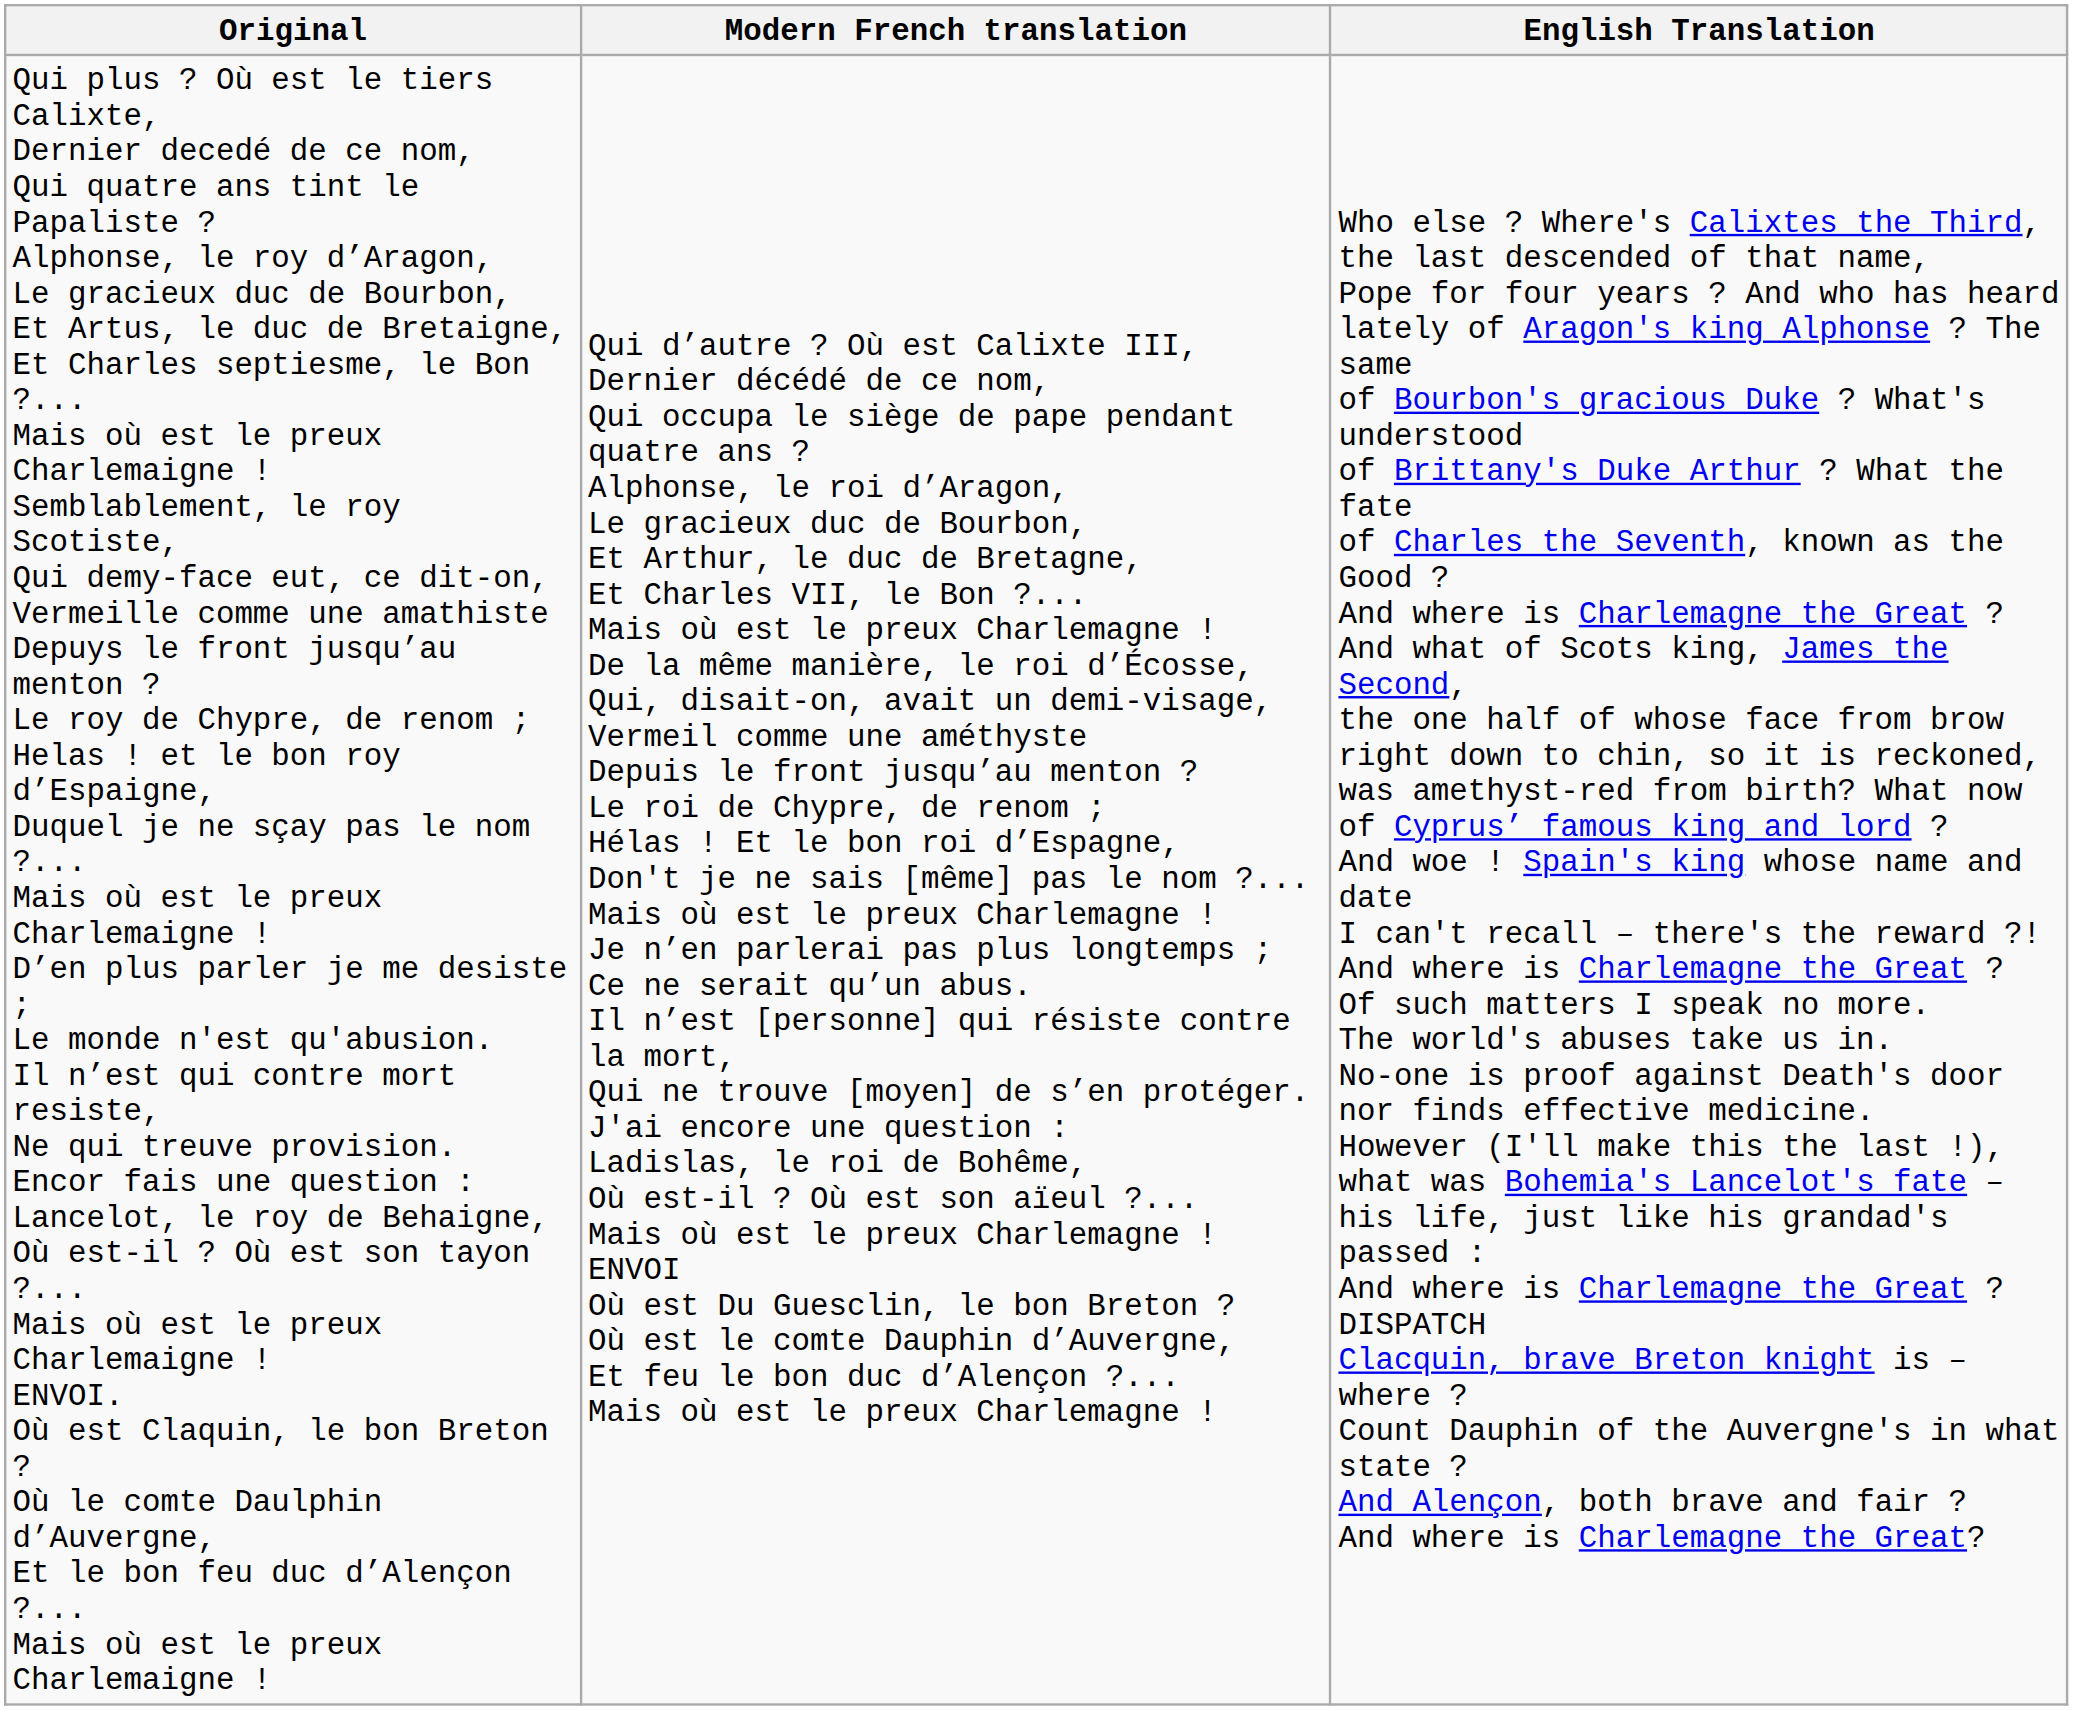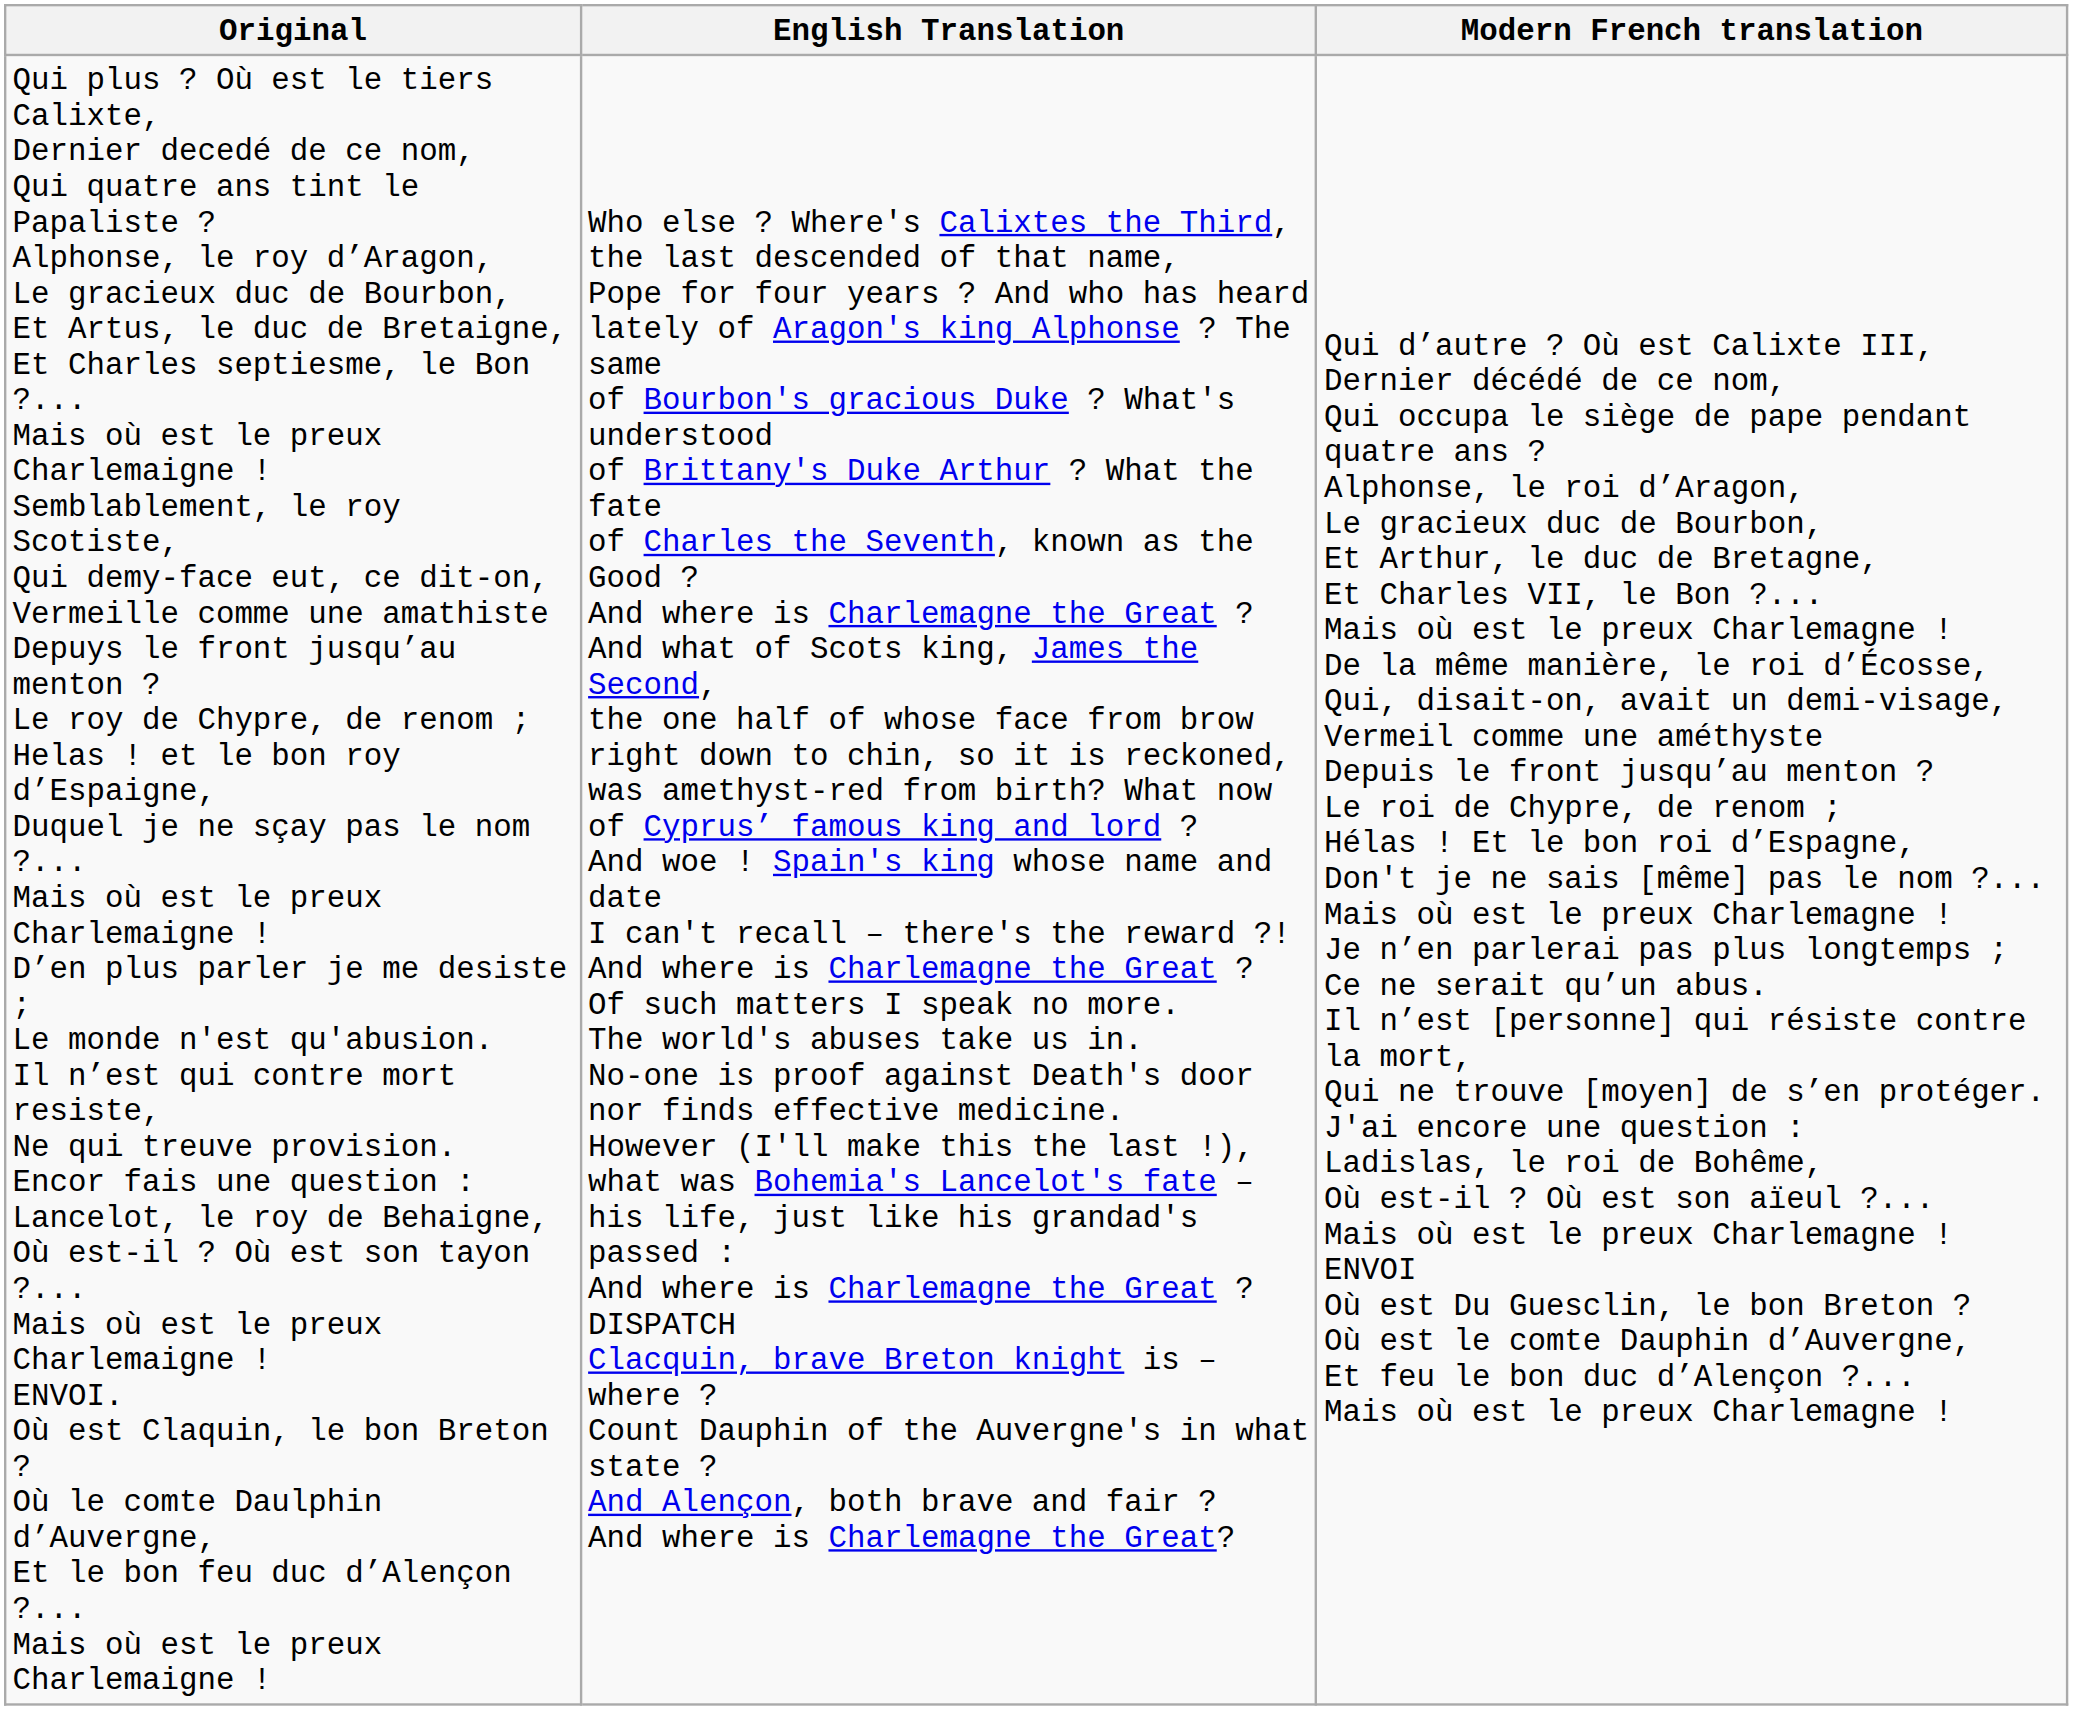 <table class="wikitable">
 <tr>
 <th>Original</th>
+<th>English Translation</th>
 <th>Modern French translation</th>
-<th>English Translation</th>
 </tr>
 <tr>
 <td>Qui plus ? Où est le tiers Calixte,<br>Dernier decedé de ce nom,<br>Qui quatre ans tint le Papaliste ?<br>Alphonse, le roy d’Aragon,<br>Le gracieux duc de Bourbon,<br>Et Artus, le duc de Bretaigne,<br>Et Charles septiesme, le Bon ?...<br>Mais où est le preux Charlemaigne !<br>Semblablement, le roy Scotiste,<br>Qui demy-face eut, ce dit-on,<br>Vermeille comme une amathiste<br>Depuys le front jusqu’au menton ?<br>Le roy de Chypre, de renom ;<br>Helas ! et le bon roy d’Espaigne,<br>Duquel je ne sçay pas le nom ?...<br>Mais où est le preux Charlemaigne !<br>D’en plus parler je me desiste ;<br>Le monde n'est qu'abusion.<br>Il n’est qui contre mort resiste,<br>Ne qui treuve provision.<br>Encor fais une question :<br>Lancelot, le roy de Behaigne,<br>Où est-il ? Où est son tayon ?...<br>Mais où est le preux Charlemaigne !<br>ENVOI.<br>Où est Claquin, le bon Breton ?<br>Où le comte Daulphin d’Auvergne,<br>Et le bon feu duc d’Alençon ?...<br>Mais où est le preux Charlemaigne !</td>
+<td>Who else ? Where's <a href='#'>Calixtes the Third</a>,<br>the last descended of that name,<br>Pope for four years ? And who has heard<br>lately of <a href='#'>Aragon's king Alphonse</a> ? The same<br>of <a href='#'>Bourbon's gracious Duke</a> ? What's understood<br>of <a href='#'>Brittany's Duke Arthur</a> ? What the fate<br>of <a href='#'>Charles the Seventh</a>, known as the Good ?<br>And where is <a href='#'>Charlemagne the Great</a> ?<br>And what of Scots king, <a href='#'>James the Second</a>,<br>the one half of whose face from brow<br>right down to chin, so it is reckoned,<br>was amethyst-red from birth? What now<br>of <a href='#'>Cyprus’ famous king and lord</a> ?<br>And woe ! <a href='#'>Spain's king</a> whose name and date<br>I can't recall – there's the reward ?!<br>And where is <a href='#'>Charlemagne the Great</a> ?<br>Of such matters I speak no more.<br>The world's abuses take us in.<br>No-one is proof against Death's door<br>nor finds effective medicine.<br>However (I'll make this the last !),<br>what was <a href='#'>Bohemia's Lancelot's fate</a> –<br>his life, just like his grandad's passed :<br>And where is <a href='#'>Charlemagne the Great</a> ?<br>DISPATCH<br><a href='#'>Clacquin, brave Breton knight</a> is – where ?<br>Count Dauphin of the Auvergne's in what state ?<br><a href='#'>And Alençon</a>, both brave and fair ?<br>And where is <a href='#'>Charlemagne the Great</a>?</td>
 <td>Qui d’autre ? Où est Calixte III,<br>Dernier décédé de ce nom,<br>Qui occupa le siège de pape pendant quatre ans ?<br>Alphonse, le roi d’Aragon,<br>Le gracieux duc de Bourbon,<br>Et Arthur, le duc de Bretagne,<br>Et Charles VII, le Bon ?...<br>Mais où est le preux Charlemagne !<br>De la même manière, le roi d’Écosse,<br>Qui, disait-on, avait un demi-visage,<br>Vermeil comme une améthyste<br>Depuis le front jusqu’au menton ?<br>Le roi de Chypre, de renom ;<br>Hélas ! Et le bon roi d’Espagne,<br>Don't je ne sais [même] pas le nom ?...<br>Mais où est le preux Charlemagne !<br>Je n’en parlerai pas plus longtemps ;<br>Ce ne serait qu’un abus.<br>Il n’est [personne] qui résiste contre la mort,<br>Qui ne trouve [moyen] de s’en protéger.<br>J'ai encore une question :<br>Ladislas, le roi de Bohême,<br>Où est-il ? Où est son aïeul ?...<br>Mais où est le preux Charlemagne !<br>ENVOI<br>Où est Du Guesclin, le bon Breton ?<br>Où est le comte Dauphin d’Auvergne,<br>Et feu le bon duc d’Alençon ?...<br>Mais où est le preux Charlemagne !</td>
-<td>Who else ? Where's <a href='#'>Calixtes the Third</a>,<br>the last descended of that name,<br>Pope for four years ? And who has heard<br>lately of <a href='#'>Aragon's king Alphonse</a> ? The same<br>of <a href='#'>Bourbon's gracious Duke</a> ? What's understood<br>of <a href='#'>Brittany's Duke Arthur</a> ? What the fate<br>of <a href='#'>Charles the Seventh</a>, known as the Good ?<br>And where is <a href='#'>Charlemagne the Great</a> ?<br>And what of Scots king, <a href='#'>James the Second</a>,<br>the one half of whose face from brow<br>right down to chin, so it is reckoned,<br>was amethyst-red from birth? What now<br>of <a href='#'>Cyprus’ famous king and lord</a> ?<br>And woe ! <a href='#'>Spain's king</a> whose name and date<br>I can't recall – there's the reward ?!<br>And where is <a href='#'>Charlemagne the Great</a> ?<br>Of such matters I speak no more.<br>The world's abuses take us in.<br>No-one is proof against Death's door<br>nor finds effective medicine.<br>However (I'll make this the last !),<br>what was <a href='#'>Bohemia's Lancelot's fate</a> –<br>his life, just like his grandad's passed :<br>And where is <a href='#'>Charlemagne the Great</a> ?<br>DISPATCH<br><a href='#'>Clacquin, brave Breton knight</a> is – where ?<br>Count Dauphin of the Auvergne's in what state ?<br><a href='#'>And Alençon</a>, both brave and fair ?<br>And where is <a href='#'>Charlemagne the Great</a>?</td>
 </tr>
 </table>
